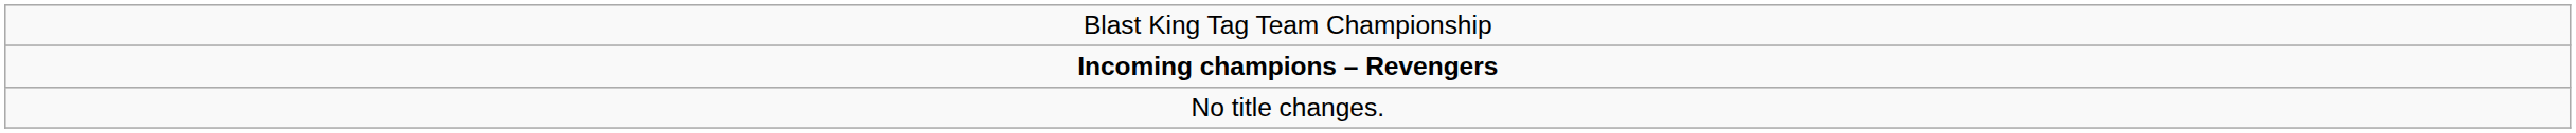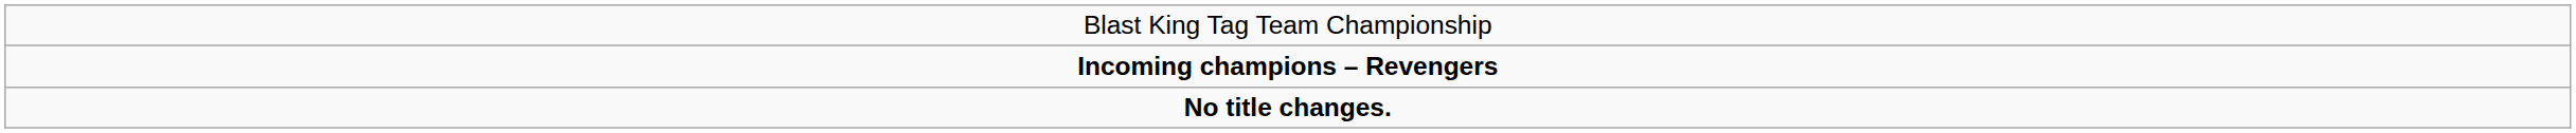 <table class="wikitable" style="text-align:center; width:100%;">
 <tr>
 <td style="text-align: center;">Blast King Tag Team Championship</td>
 </tr>
 <tr>
 <td style="text-align: center;"><strong>Incoming champions – Revengers </strong></td>
 </tr>
 <tr>
-<td>No title changes.</td>
+<td><strong>No title changes.</strong></td>
 </tr>
 </table>
